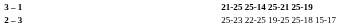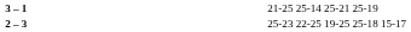 <table width=100% cellspacing=1>
 <tr>
 <th width=20%></th>
 <th width=12%></th>
 <th width=20%></th>
 <th width=33%></th>
 <td></td>
 </tr>
 <tr style=font-size:90%>
 <td align=right><strong></strong></td>
 <td align=center><strong>3 – 1</strong></td>
 <td></td>
-<td><strong>21-25 25-14 25-21 25-19</strong></td>
+<td>21-25 25-14 25-21 25-19</td>
 <td></td>
 </tr>
 <tr style=font-size:90%>
 <td align=right></td>
 <td align=center><strong>2 – 3</strong></td>
 <td><strong></strong></td>
 <td>25-23 22-25 19-25 25-18 15-17</td>
 </tr>
 </table>
